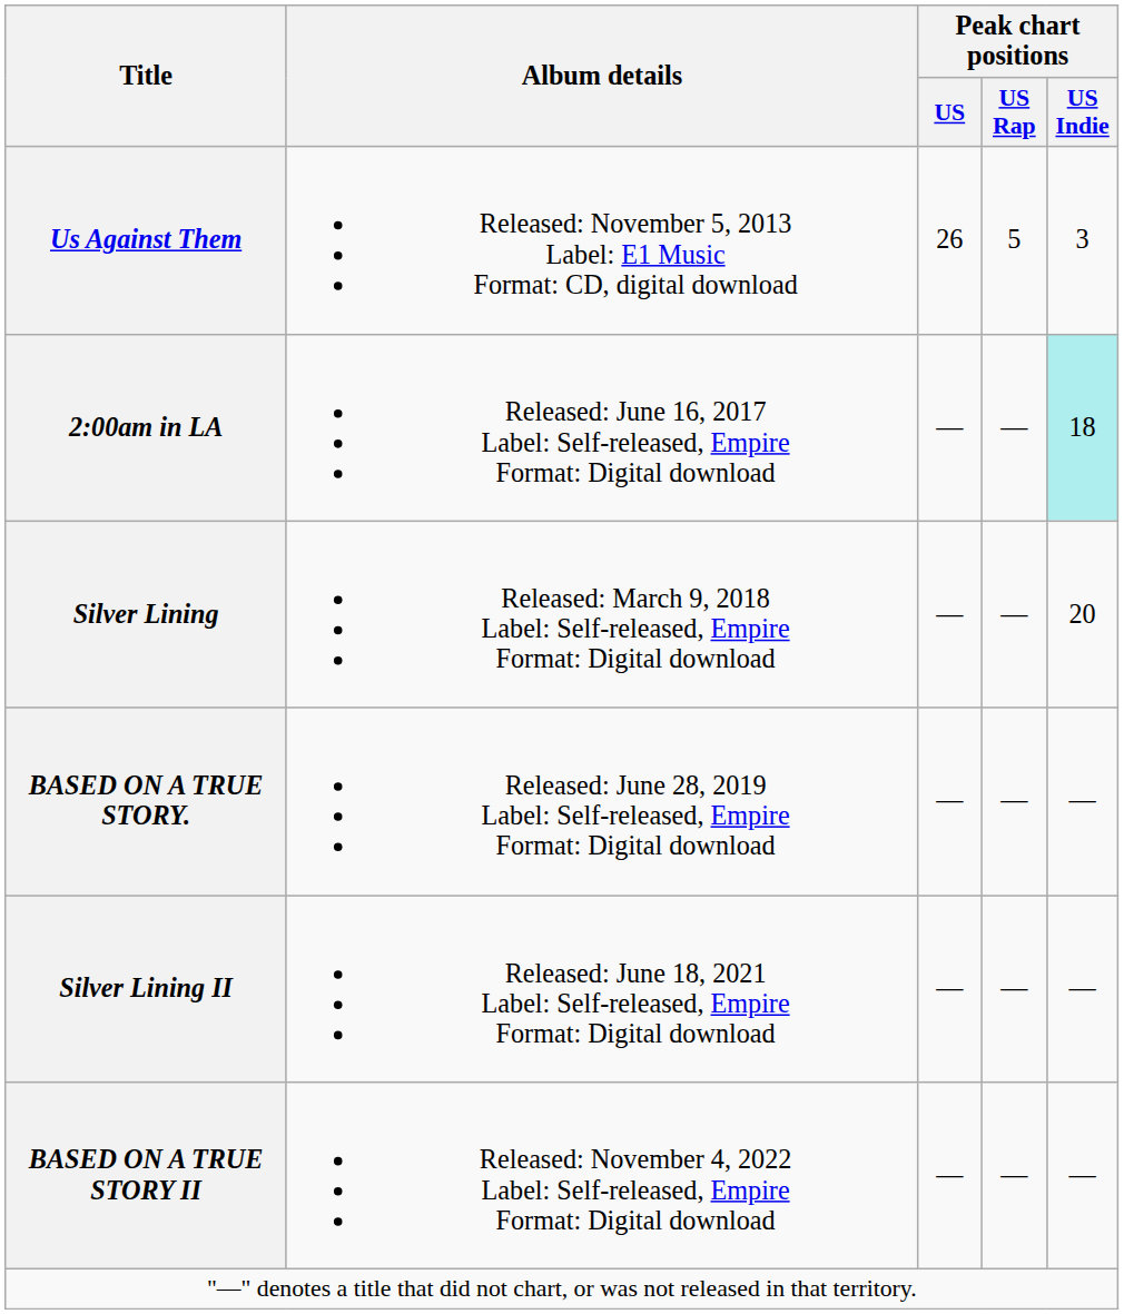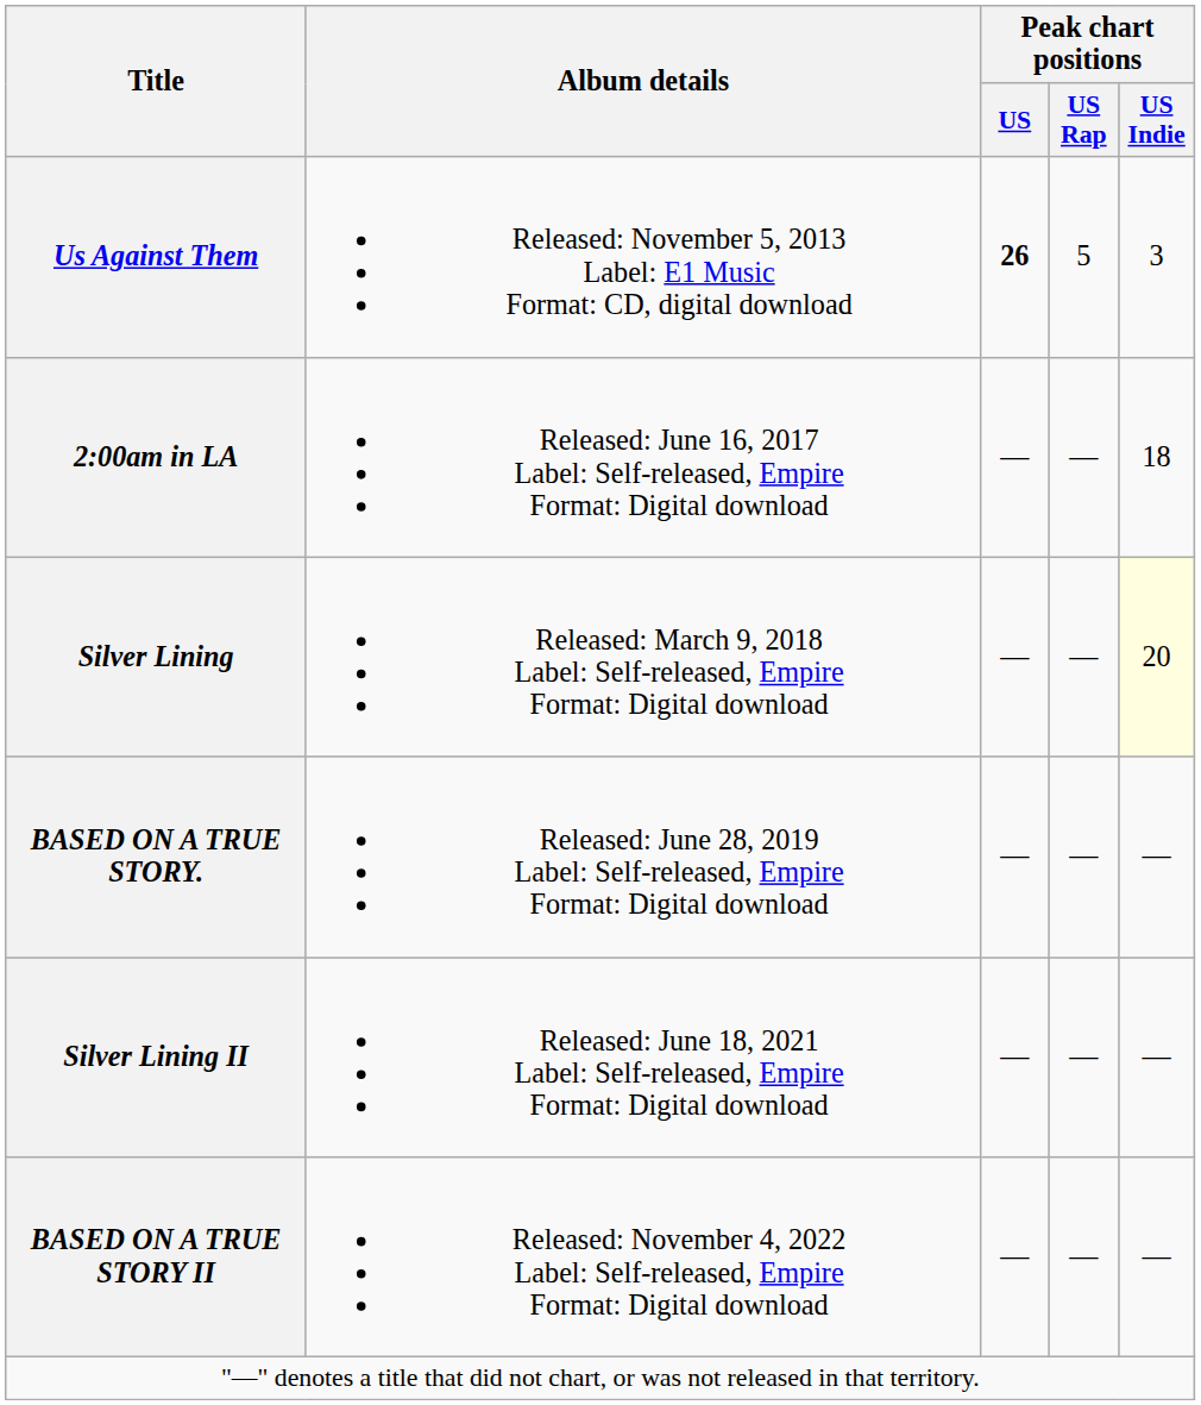 <table class="wikitable plainrowheaders" style="text-align:center;">
 <tr>
 <th scope="col" rowspan="2" style="width:10em;">Title</th>
 <th scope="col" rowspan="2" style="width:23em;">Album details</th>
 <th scope="col" colspan="3">Peak chart positions</th>
 </tr>
 <tr>
 <th scope="col" style="width:2.2em;font-size:90%;"><a href='#'>US</a><br></th>
 <th scope="col" style="width:2.2em;font-size:90%;"><a href='#'>US Rap</a><br></th>
 <th scope="col" style="width:2.5em;font-size:90%;"><a href='#'>US Indie</a><br></th>
 </tr>
 <tr>
 <th scope="row"><em><a href='#'>Us Against Them</a></em></th>
 <td><br><ul><li>Released: November 5, 2013</li><li>Label: <a href='#'>E1 Music</a></li><li>Format: CD, digital download</li></ul></td>
-<td>26</td>
+<td><strong>26</strong></td>
 <td>5</td>
 <td>3</td>
 </tr>
 <tr>
 <th scope="row"><em>2:00am in LA </em></th>
 <td><br><ul><li>Released: June 16, 2017</li><li>Label: Self-released, <a href='#'>Empire</a></li><li>Format: Digital download</li></ul></td>
 <td>—</td>
 <td>—</td>
-<td style="background: paleturquoise;">18</td>
+<td>18</td>
 </tr>
 <tr>
 <th scope="row"><em>Silver Lining</em></th>
 <td><br><ul><li>Released: March 9, 2018</li><li>Label: Self-released, <a href='#'>Empire</a></li><li>Format: Digital download</li></ul></td>
 <td>—</td>
 <td>—</td>
-<td>20</td>
+<td style="background: lightyellow;">20</td>
 </tr>
 <tr>
 <th scope="row"><em>BASED ON A TRUE STORY. </em></th>
 <td><br><ul><li>Released: June 28, 2019</li><li>Label: Self-released, <a href='#'>Empire</a></li><li>Format: Digital download</li></ul></td>
 <td>—</td>
 <td>—</td>
 <td>—</td>
 </tr>
 <tr>
 <th scope="row"><em>Silver Lining II</em></th>
 <td><br><ul><li>Released: June 18, 2021</li><li>Label: Self-released, <a href='#'>Empire</a></li><li>Format: Digital download</li></ul></td>
 <td>—</td>
 <td>—</td>
 <td>—</td>
 </tr>
 <tr>
 <th scope="row"><em>BASED ON A TRUE STORY II</em> </th>
 <td><br><ul><li>Released: November 4, 2022</li><li>Label: Self-released, <a href='#'>Empire</a></li><li>Format: Digital download</li></ul></td>
 <td>—</td>
 <td>—</td>
 <td>—</td>
 </tr>
 <tr>
 <td colspan="7" style="font-size:90%">"—" denotes a title that did not chart, or was not released in that territory.</td>
 </tr>
 </table>
